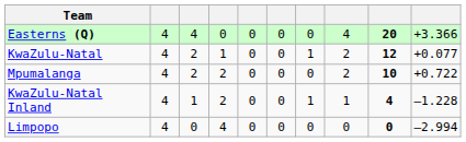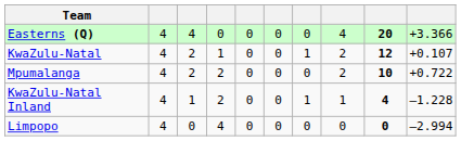 <table class="wikitable" style="text-align:center">
 <tr>
 <th width="150">Team</th>
 <th width="25"></th>
 <th width="25"></th>
 <th width="25"></th>
 <th width="25"></th>
 <th width="25"></th>
 <th width="25"></th>
 <th width="40"></th>
 <th width="40"></th>
 <th width="45"></th>
 </tr>
 <tr style="background:#cfc">
 <td style="text-align:left"><a href='#'>Easterns</a> <strong>(Q)</strong></td>
 <td>4</td>
 <td>4</td>
 <td>0</td>
 <td>0</td>
 <td>0</td>
 <td>0</td>
 <td>4</td>
 <td><strong>20</strong></td>
 <td>+3.366</td>
 </tr>
 <tr>
 <td style="text-align:left"><a href='#'>KwaZulu-Natal</a></td>
 <td>4</td>
 <td>2</td>
 <td>1</td>
 <td>0</td>
 <td>0</td>
 <td>1</td>
 <td>2</td>
 <td><strong>12</strong></td>
-<td>+0.077</td>
+<td>+0.107</td>
 </tr>
 <tr>
 <td style="text-align:left"><a href='#'>Mpumalanga</a></td>
 <td>4</td>
 <td>2</td>
 <td>2</td>
 <td>0</td>
 <td>0</td>
 <td>0</td>
 <td>2</td>
 <td><strong>10</strong></td>
 <td>+0.722</td>
 </tr>
 <tr>
 <td style="text-align:left"><a href='#'>KwaZulu-Natal Inland</a></td>
 <td>4</td>
 <td>1</td>
 <td>2</td>
 <td>0</td>
 <td>0</td>
 <td>1</td>
 <td>1</td>
 <td><strong>4</strong></td>
 <td>–1.228</td>
 </tr>
 <tr>
 <td style="text-align:left"><a href='#'>Limpopo</a></td>
 <td>4</td>
 <td>0</td>
 <td>4</td>
 <td>0</td>
 <td>0</td>
 <td>0</td>
 <td>0</td>
 <td><strong>0</strong></td>
 <td>–2.994</td>
 </tr>
 </table>
